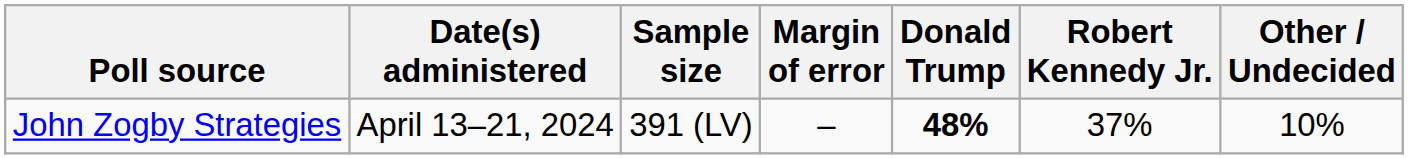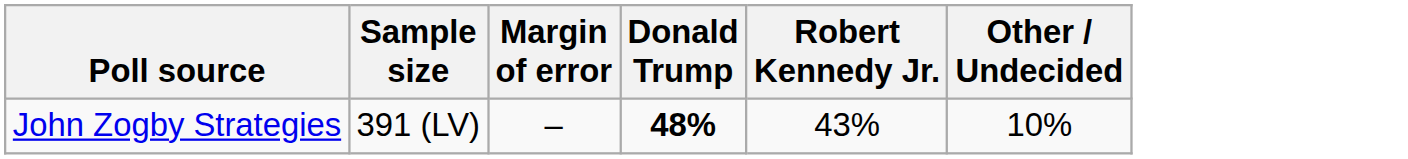 <table class="wikitable sortable mw-datatable" style="font-size:90%;text-align:center;line-height:17px">
 <tr valign=bottom>
 <th>Poll source</th>
-<th>Date(s)<br>administered</th>
 <th>Sample<br>size</th>
 <th>Margin<br>of error</th>
 <th class="unsortable">Donald<br>Trump<br></th>
 <th class="unsortable">Robert<br>Kennedy Jr.<br></th>
 <th class="unsortable">Other /<br>Undecided</th>
 </tr>
 <tr>
 <td style="text-align:left;"><a href='#'>John Zogby Strategies</a></td>
-<td data-sort-value="2024-05-01">April 13–21, 2024</td>
 <td>391 (LV)</td>
 <td>–</td>
 <td style="background-color:"><strong>48%</strong></td>
-<td>37%</td>
+<td>43%</td>
 <td>10%</td>
 </tr>
 </table>
